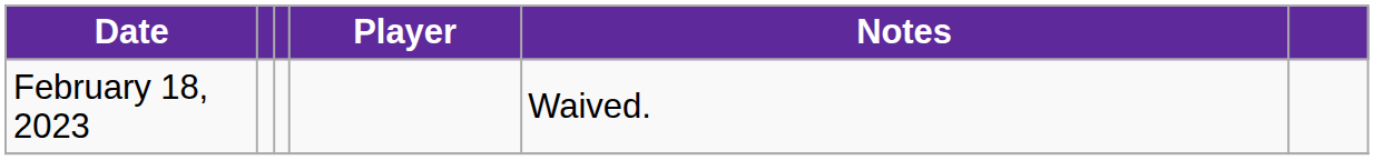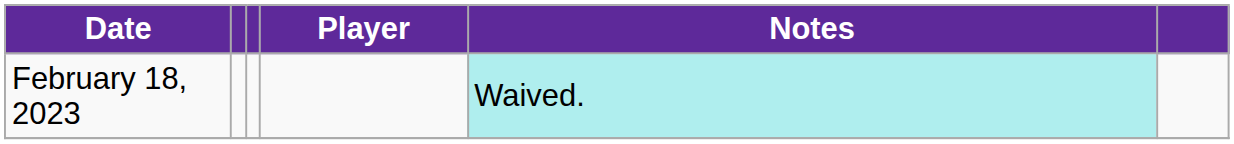 <table class="wikitable sortable">
 <tr>
 <th style="background:#5E299A; color:#fff; width:110px;" data-sort-type="date" scope="col">Date</th>
 <th style="background:#5E299A; color:#fff;" scope="col"></th>
 <th style="background:#5E299A; color:#fff;" scope="col"></th>
 <th style="background:#5E299A; color:#fff; width:100px;" scope="col">Player</th>
 <th style="background:#5E299A; color:#fff; width:350px;" scope="col">Notes</th>
 <th style="background:#5E299A; color:#fff; width:30px;" scope="col"></th>
 </tr>
 <tr>
 <td>February 18, 2023</td>
 <td></td>
 <td></td>
 <td></td>
-<td>Waived.</td>
+<td style="background: paleturquoise;">Waived.</td>
 <td></td>
 </tr>
 <tr>
 </tr>
 </table>
